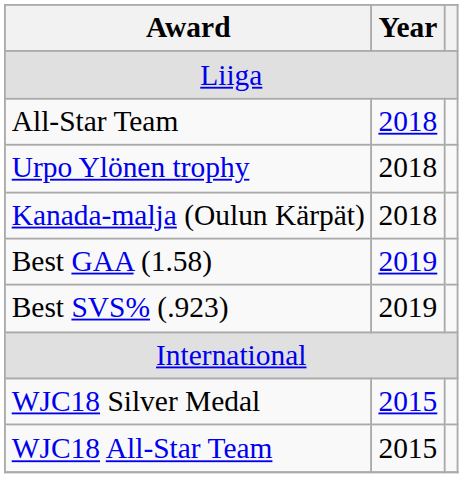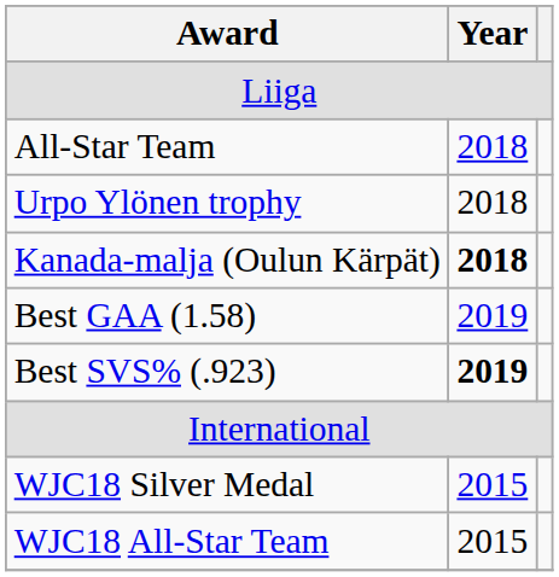 <table class="wikitable">
 <tr>
 <th>Award</th>
 <th>Year</th>
 <th></th>
 </tr>
 <tr ALIGN="center" bgcolor="#e0e0e0">
 <td colspan="3"><a href='#'>Liiga</a></td>
 </tr>
 <tr>
 <td>All-Star Team</td>
 <td><a href='#'>2018</a></td>
 <td></td>
 </tr>
 <tr>
 <td><a href='#'>Urpo Ylönen trophy</a></td>
 <td>2018</td>
 <td></td>
 </tr>
 <tr>
 <td><a href='#'>Kanada-malja</a> (Oulun Kärpät)</td>
-<td>2018</td>
+<td><strong>2018</strong></td>
 <td></td>
 </tr>
 <tr>
 <td>Best <a href='#'>GAA</a> (1.58)</td>
 <td><a href='#'>2019</a></td>
 <td></td>
 </tr>
 <tr>
 <td>Best <a href='#'>SVS%</a> (.923)</td>
-<td>2019</td>
+<td><strong>2019</strong></td>
 <td></td>
 </tr>
 <tr ALIGN="center" bgcolor="#e0e0e0">
 <td colspan="3"><a href='#'>International</a></td>
 </tr>
 <tr>
 <td><a href='#'>WJC18</a> Silver Medal</td>
 <td><a href='#'>2015</a></td>
 <td></td>
 </tr>
 <tr>
 <td><a href='#'>WJC18</a> <a href='#'>All-Star Team</a></td>
 <td>2015</td>
 <td></td>
 </tr>
 <tr>
 </tr>
 </table>
